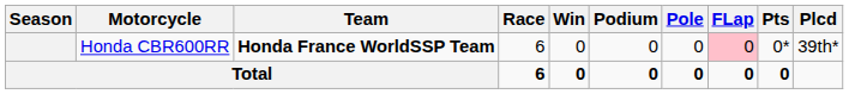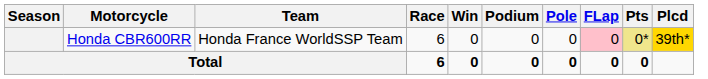 <table class="wikitable" style="text-align:right;">
 <tr>
 <th>Season</th>
 <th>Motorcycle</th>
 <th>Team</th>
 <th>Race</th>
 <th>Win</th>
 <th>Podium</th>
 <th><a href='#'>Pole</a></th>
 <th><a href='#'>FLap</a></th>
 <th>Pts</th>
 <th>Plcd</th>
 </tr>
 <tr>
 <th></th>
 <td><a href='#'>Honda CBR600RR</a></td>
-<td><strong>Honda France WorldSSP Team</strong></td>
+<td>Honda France WorldSSP Team</td>
 <td>6</td>
 <td>0</td>
 <td>0</td>
 <td>0</td>
 <td style="background: pink;">0</td>
-<td>0*</td>
-<td>39th*</td>
+<td style="background: khaki;">0*</td>
+<td style="background: gold;">39th*</td>
 </tr>
 <tr>
 <th colspan="3">Total</th>
 <td><strong>6</strong></td>
 <td><strong>0</strong></td>
 <td><strong>0</strong></td>
 <td><strong>0</strong></td>
 <td><strong>0</strong></td>
 <td><strong>0</strong></td>
 <td></td>
 </tr>
 </table>
